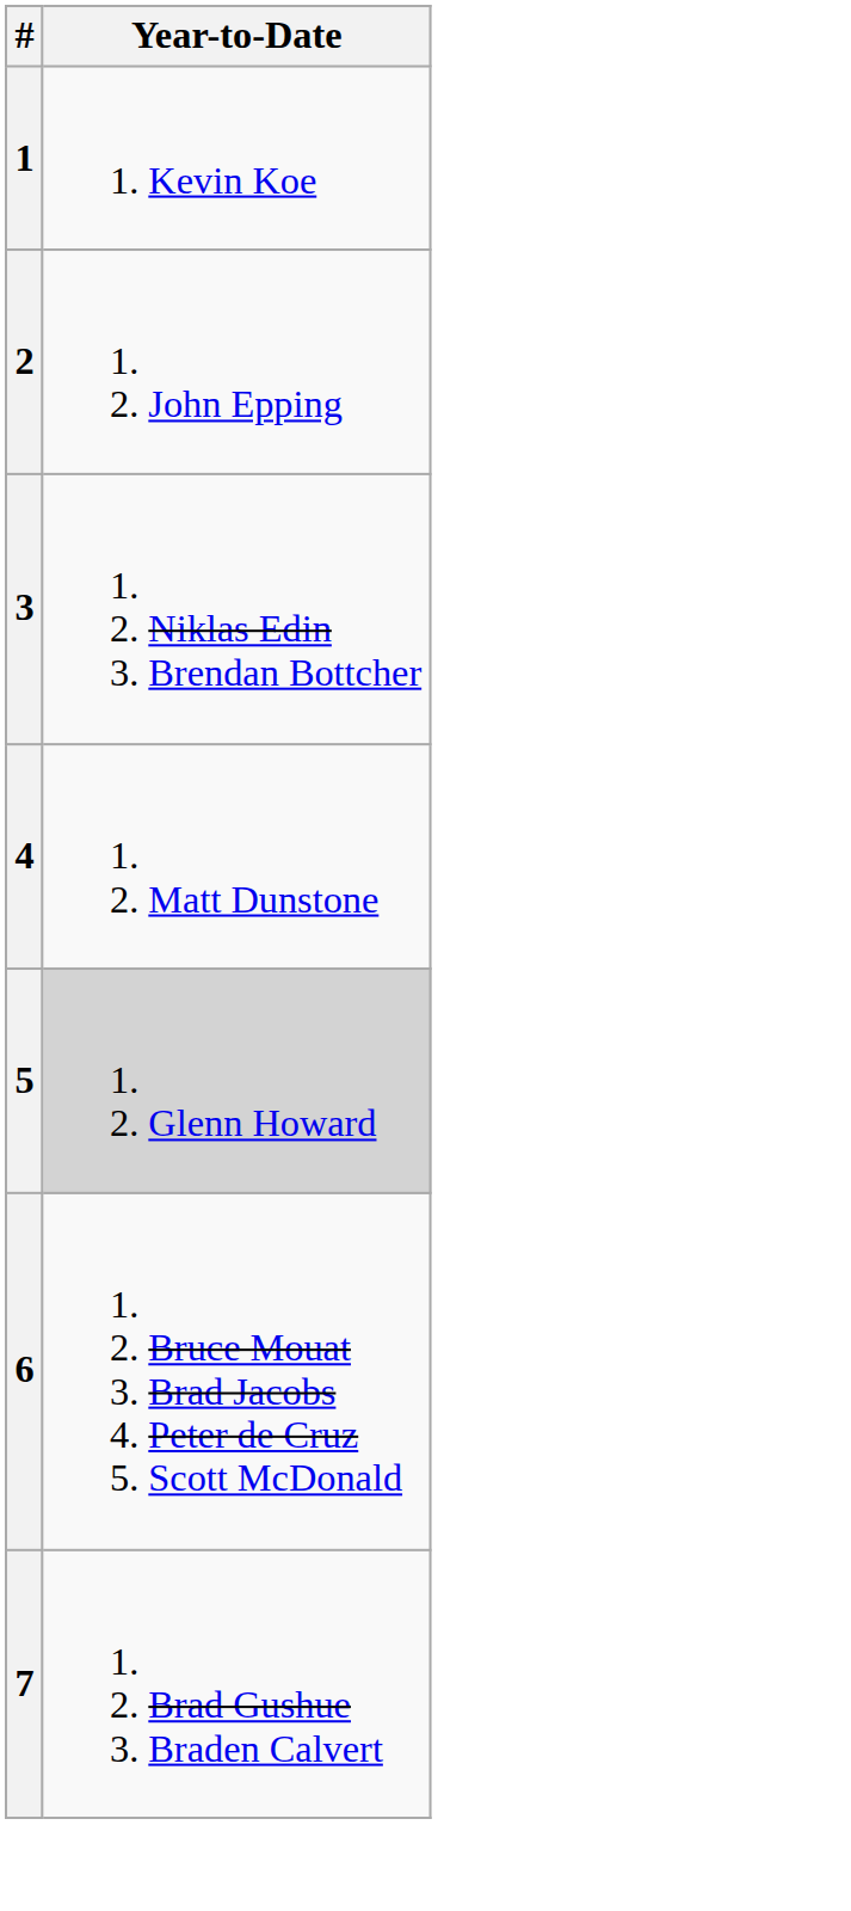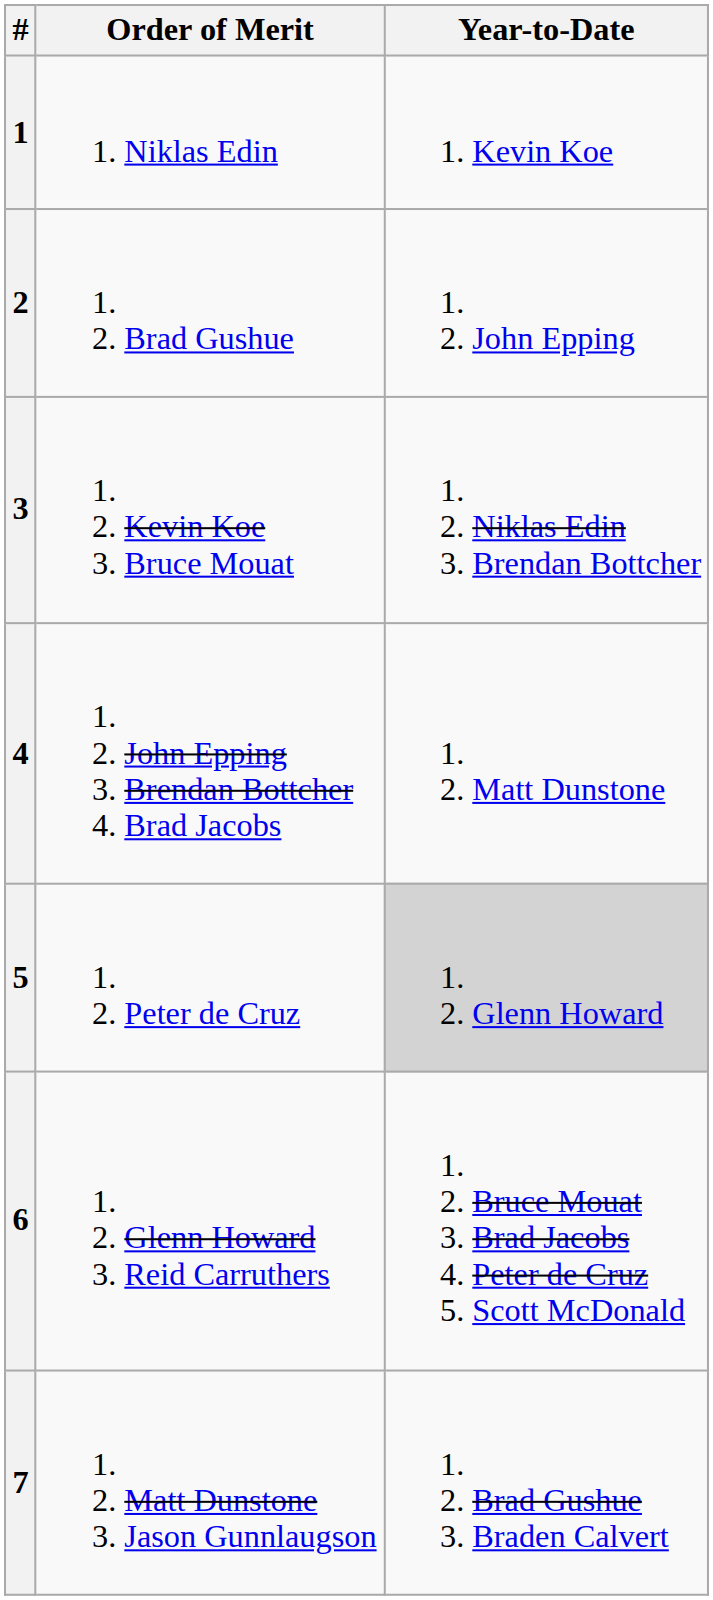 <table class=wikitable>
 <tr>
 <th>#</th>
+<th>Order of Merit</th>
 <th>Year-to-Date</th>
 </tr>
 <tr>
 <th>1</th>
+<td><br><ol><li> <a href='#'>Niklas Edin</a></li></ol></td>
 <td><br><ol><li> <a href='#'>Kevin Koe</a></li></ol></td>
 </tr>
 <tr>
 <th>2</th>
+<td><br><ol><li><li> <a href='#'>Brad Gushue</a></li></li></ol></td>
 <td><br><ol><li><li> <a href='#'>John Epping</a></li></li></ol></td>
 </tr>
 <tr>
 <th>3</th>
+<td><br><ol><li><li> <s><a href='#'>Kevin Koe</a></s></li></li><li> <a href='#'>Bruce Mouat</a></li></ol></td>
 <td><br><ol><li><li> <s><a href='#'>Niklas Edin</a></s></li></li><li> <a href='#'>Brendan Bottcher</a></li></ol></td>
 </tr>
 <tr>
 <th>4</th>
+<td><br><ol><li><li> <s><a href='#'>John Epping</a></s></li></li><li> <s><a href='#'>Brendan Bottcher</a></s></li><li> <a href='#'>Brad Jacobs</a></li></ol></td>
 <td><br><ol><li><li> <a href='#'>Matt Dunstone</a></li></li></ol></td>
 </tr>
 <tr>
 <th>5</th>
+<td><br><ol><li><li> <a href='#'>Peter de Cruz</a></li></li></ol></td>
 <td style="background: lightgrey;"><br><ol><li><li> <a href='#'>Glenn Howard</a></li></li></ol></td>
 </tr>
 <tr>
 <th>6</th>
+<td><br><ol><li><li> <s><a href='#'>Glenn Howard</a></s></li></li><li> <a href='#'>Reid Carruthers</a></li></ol></td>
 <td><br><ol><li><li> <s><a href='#'>Bruce Mouat</a></s></li></li><li> <s><a href='#'>Brad Jacobs</a></s></li><li> <s><a href='#'>Peter de Cruz</a></s></li><li> <a href='#'>Scott McDonald</a></li></ol></td>
 </tr>
 <tr>
 <th>7</th>
+<td><br><ol><li><li> <s><a href='#'>Matt Dunstone</a></s></li></li><li> <a href='#'>Jason Gunnlaugson</a></li></ol></td>
 <td><br><ol><li><li> <s><a href='#'>Brad Gushue</a></s></li></li><li> <a href='#'>Braden Calvert</a></li></ol></td>
 </tr>
 </table>
